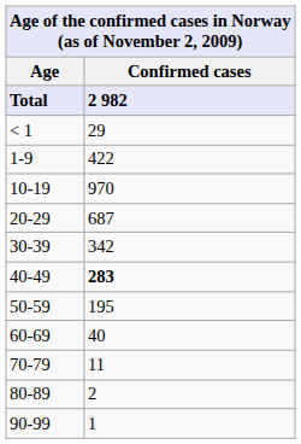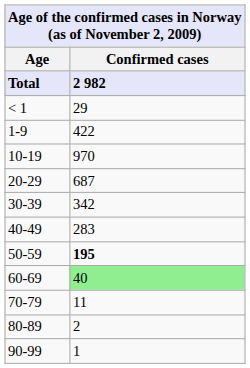 <table class="wikitable" style="float:right;clear:right;margin-left:1em;font-size:88%;">
 <tr>
 <th colspan="4" style="background:lavender">Age of the confirmed cases in Norway<br>(as of November 2, 2009)</th>
 </tr>
 <tr>
 <th>Age</th>
 <th>Confirmed cases</th>
 </tr>
 <tr style="">
 <td style="background:lavender; font-weight:bold;">Total</td>
 <td style="background:lavender; font-weight:bold;">2 982 </td>
 </tr>
 <tr>
 <td>< 1</td>
 <td>29</td>
 </tr>
 <tr>
 <td>1-9</td>
 <td>422</td>
 </tr>
 <tr>
 <td>10-19</td>
 <td>970</td>
 </tr>
 <tr>
 <td>20-29</td>
 <td>687</td>
 </tr>
 <tr>
 <td>30-39</td>
 <td>342</td>
 </tr>
 <tr>
 <td>40-49</td>
-<td><strong>283</strong></td>
+<td>283</td>
 </tr>
 <tr>
 <td>50-59</td>
-<td>195</td>
+<td><strong>195</strong></td>
 </tr>
 <tr>
 <td>60-69</td>
-<td>40</td>
+<td style="background: lightgreen;">40</td>
 </tr>
 <tr>
 <td>70-79</td>
 <td>11</td>
 </tr>
 <tr>
 <td>80-89</td>
 <td>2</td>
 </tr>
 <tr>
 <td>90-99</td>
 <td>1</td>
 </tr>
 </table>
